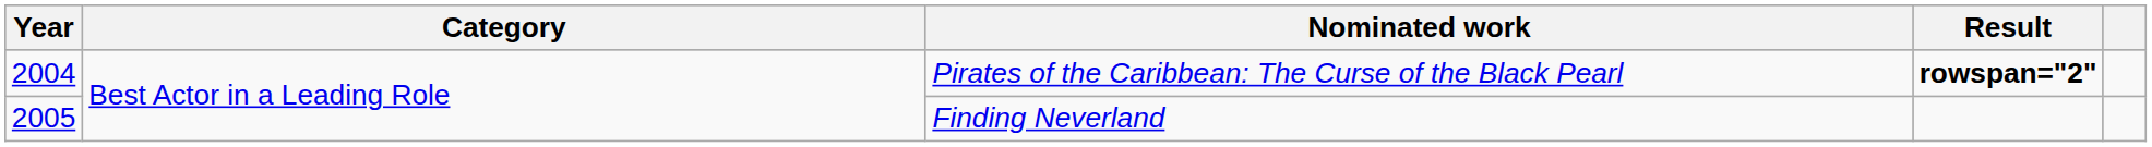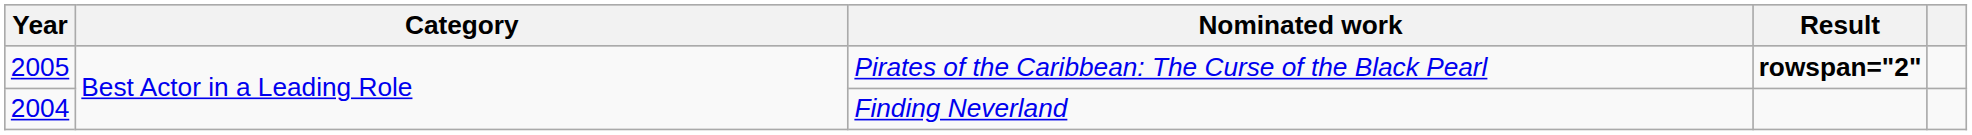 <table class="wikitable sortable">
 <tr>
 <th scope="col" style="width:1em;">Year</th>
 <th scope="col" style="width:29em;">Category</th>
 <th scope="col" style="width:34em;">Nominated work</th>
 <th scope="col" style="width:5em;">Result</th>
 <th scope="col" style="width:1em;" class="unsortable"></th>
 </tr>
 <tr>
-<td><a href='#'>2004</a></td>
+<td><a href='#'>2005</a></td>
 <td rowspan="2"><a href='#'>Best Actor in a Leading Role</a></td>
 <td><em><a href='#'>Pirates of the Caribbean: The Curse of the Black Pearl</a></em></td>
 <td><strong>rowspan="2" </strong></td>
 <td></td>
 </tr>
 <tr>
-<td><a href='#'>2005</a></td>
+<td><a href='#'>2004</a></td>
 <td><em><a href='#'>Finding Neverland</a></em></td>
 <td></td>
 </tr>
 </table>
